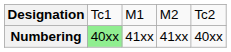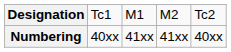 <table class="wikitable">
 <tr>
 <th>Designation</th>
 <td>Tc1</td>
 <td>M1</td>
 <td>M2</td>
 <td>Tc2</td>
 </tr>
 <tr>
 <th>Numbering</th>
-<td style="background: lightgreen;">40xx</td>
+<td>40xx</td>
 <td>41xx</td>
 <td>41xx</td>
 <td>40xx</td>
 </tr>
 </table>
